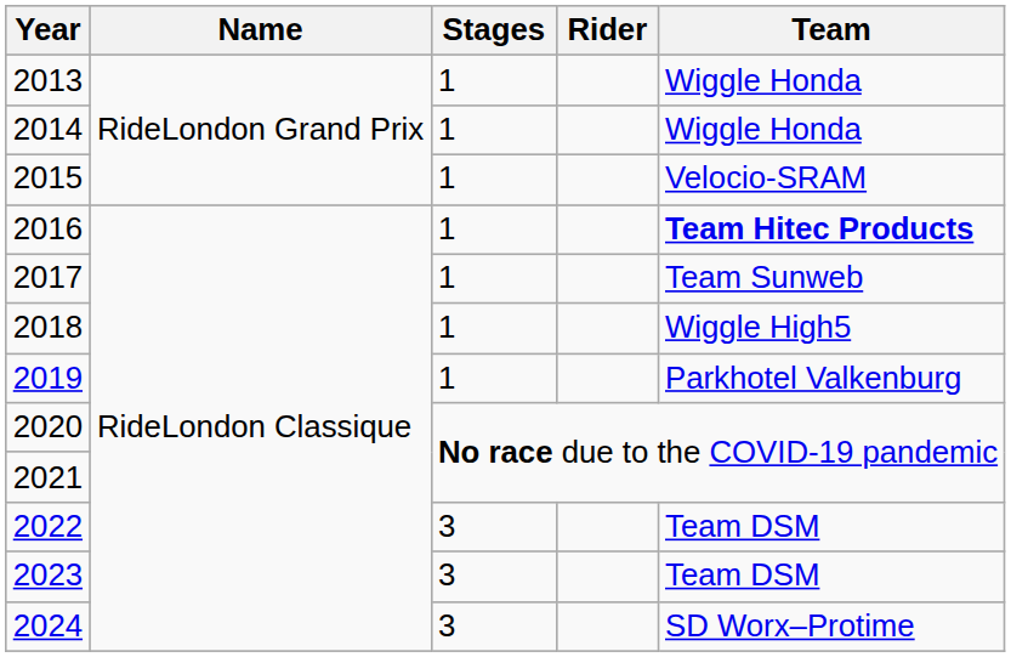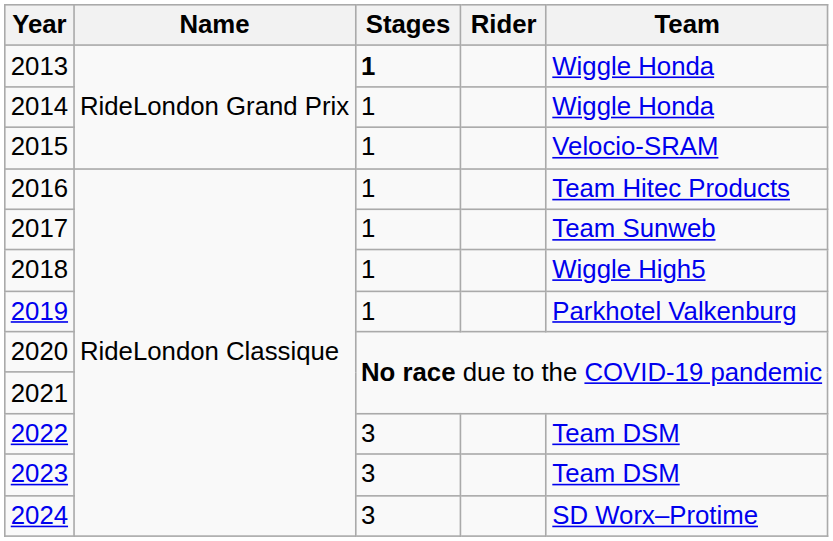 <table class="wikitable" style="font-size: 100%">
 <tr>
 <th>Year</th>
 <th>Name</th>
 <th>Stages</th>
 <th>Rider</th>
 <th>Team</th>
 </tr>
 <tr>
 <td>2013</td>
 <td rowspan="3">RideLondon Grand Prix</td>
-<td>1</td>
+<td><strong>1</strong></td>
 <td></td>
 <td><a href='#'>Wiggle Honda</a></td>
 </tr>
 <tr>
 <td>2014</td>
 <td>1</td>
 <td></td>
 <td><a href='#'>Wiggle Honda</a></td>
 </tr>
 <tr>
 <td>2015</td>
 <td>1</td>
 <td></td>
 <td><a href='#'>Velocio-SRAM</a></td>
 </tr>
 <tr>
 <td>2016</td>
 <td rowspan="9">RideLondon Classique</td>
 <td>1</td>
 <td></td>
-<td><strong><a href='#'>Team Hitec Products</a></strong></td>
+<td><a href='#'>Team Hitec Products</a></td>
 </tr>
 <tr>
 <td>2017</td>
 <td>1</td>
 <td></td>
 <td><a href='#'>Team Sunweb</a></td>
 </tr>
 <tr>
 <td>2018</td>
 <td>1</td>
 <td></td>
 <td><a href='#'>Wiggle High5</a></td>
 </tr>
 <tr>
 <td><a href='#'>2019</a></td>
 <td>1</td>
 <td></td>
 <td><a href='#'>Parkhotel Valkenburg</a></td>
 </tr>
 <tr>
 <td>2020</td>
 <td colspan="3" rowspan="2"><strong>No race</strong> due to the <a href='#'>COVID-19 pandemic</a></td>
 </tr>
 <tr>
 <td>2021</td>
 </tr>
 <tr>
 <td><a href='#'>2022</a></td>
 <td>3</td>
 <td></td>
 <td><a href='#'>Team DSM</a></td>
 </tr>
 <tr>
 <td><a href='#'>2023</a></td>
 <td>3</td>
 <td></td>
 <td><a href='#'>Team DSM</a></td>
 </tr>
 <tr>
 <td><a href='#'>2024</a></td>
 <td>3</td>
 <td></td>
 <td><a href='#'>SD Worx–Protime</a></td>
 </tr>
 </table>
